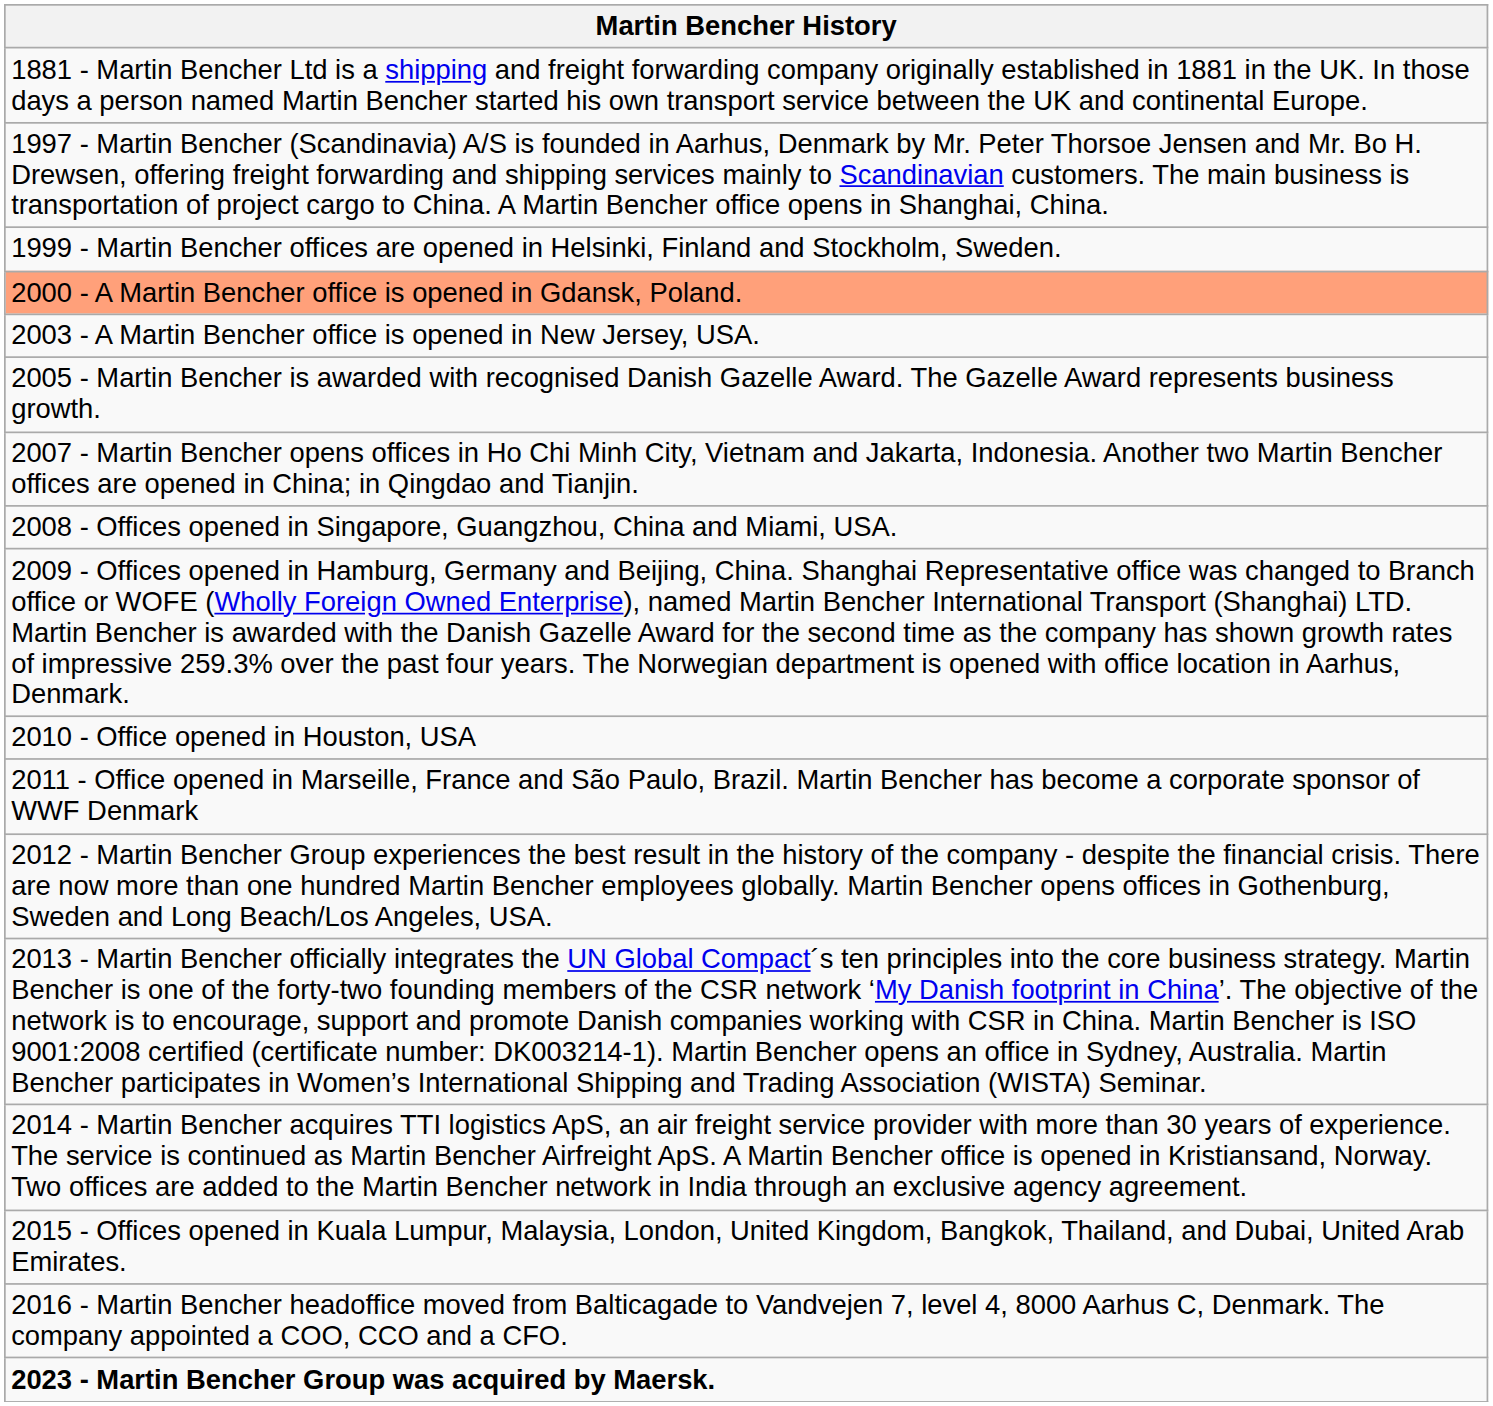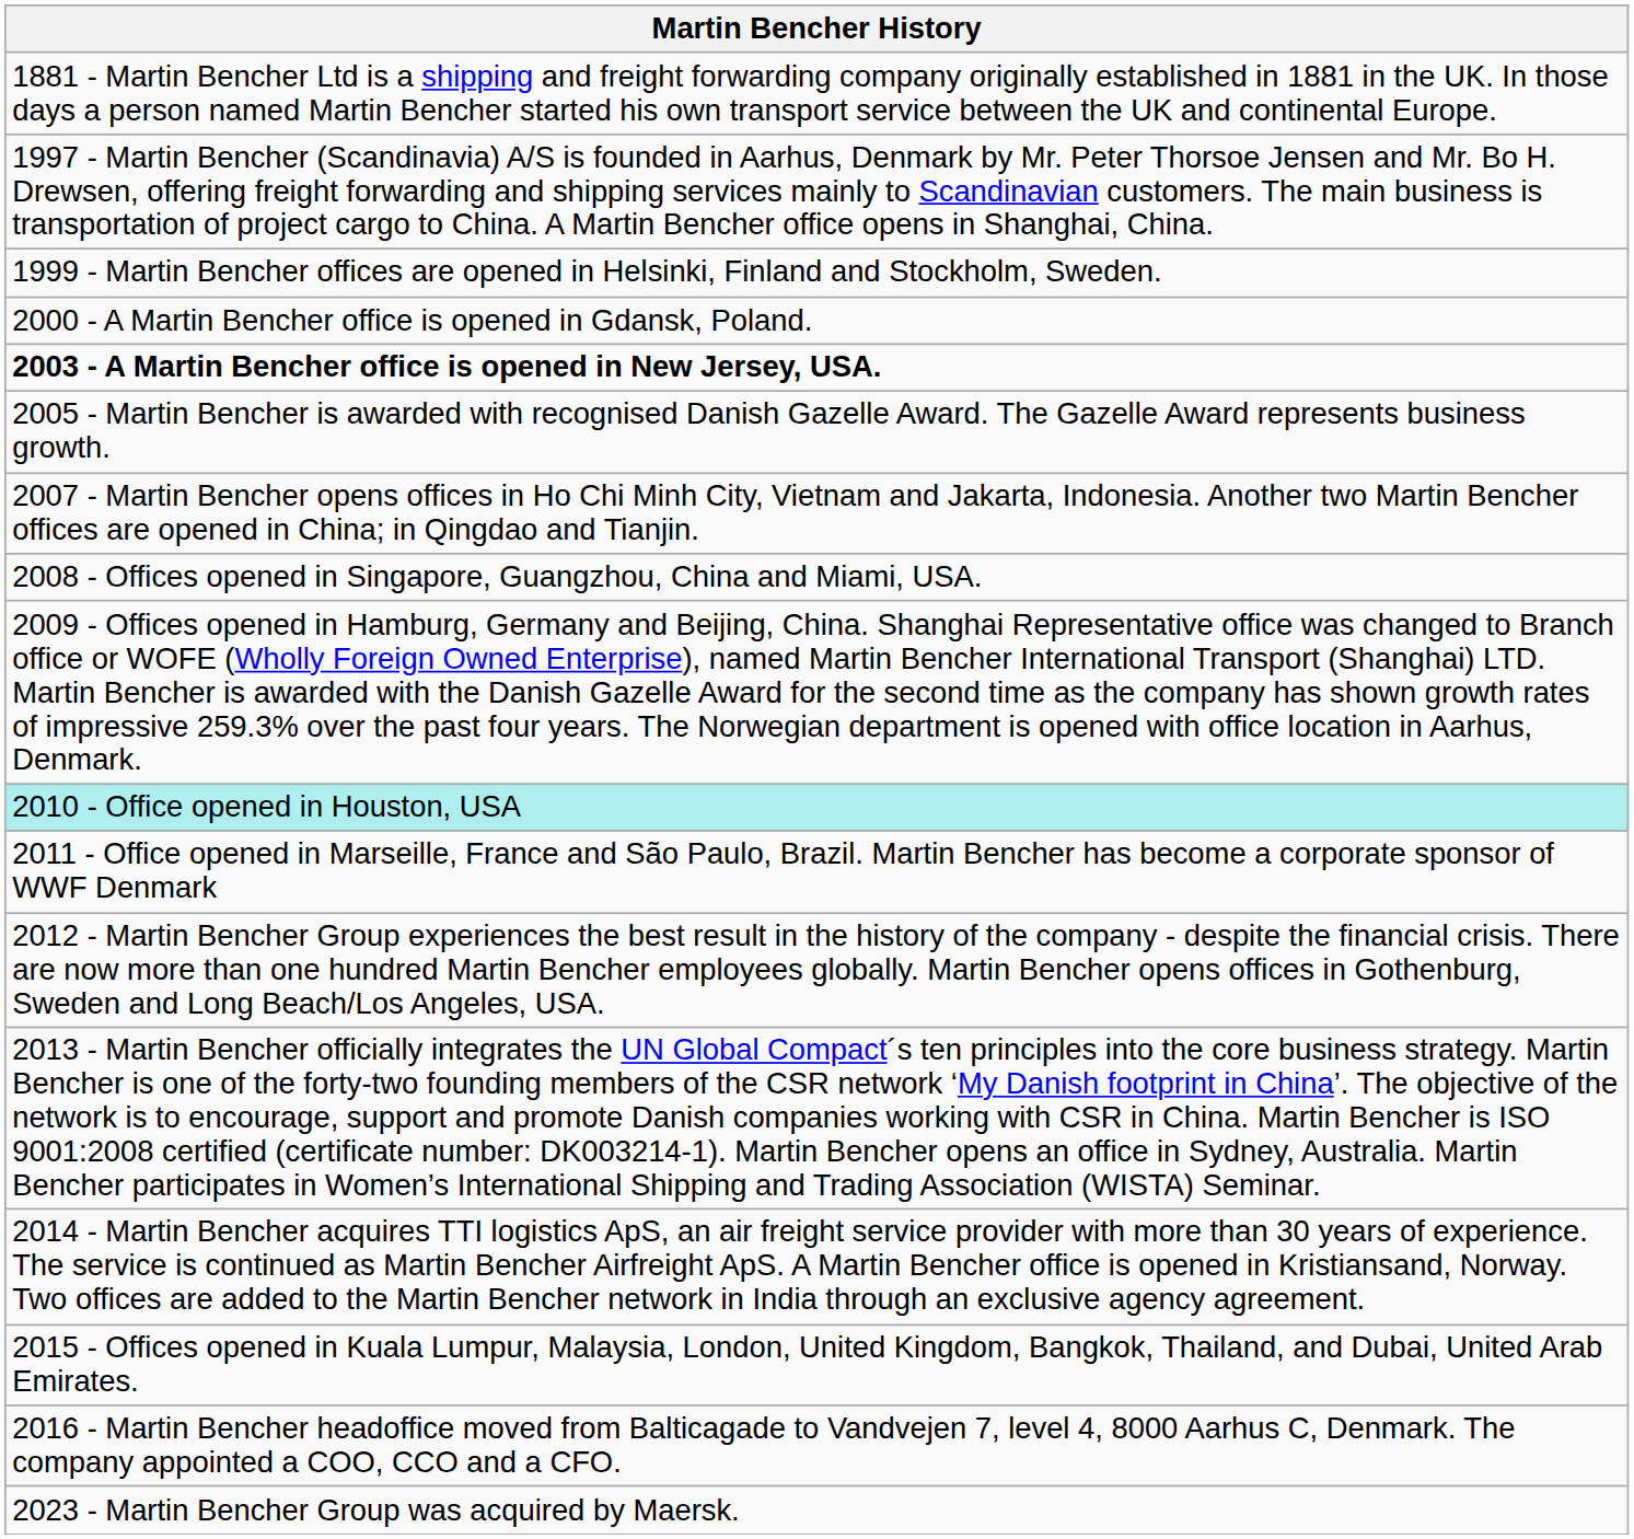 <table class="wikitable">
 <tr>
 <th>Martin Bencher History</th>
 </tr>
 <tr>
 <td>1881 - Martin Bencher Ltd is a <a href='#'>shipping</a> and freight forwarding company originally established in 1881 in the UK. In those days a person named Martin Bencher started his own transport service between the UK and continental Europe.</td>
 </tr>
 <tr>
 <td>1997 - Martin Bencher (Scandinavia) A/S is founded in Aarhus, Denmark by Mr. Peter Thorsoe Jensen and Mr. Bo H. Drewsen, offering freight forwarding and shipping services mainly to <a href='#'>Scandinavian</a> customers. The main business is transportation of project cargo to China. A Martin Bencher office opens in Shanghai, China.</td>
 </tr>
 <tr>
 <td>1999 - Martin Bencher offices are opened in Helsinki, Finland and Stockholm, Sweden.</td>
 </tr>
 <tr>
-<td style="background: lightsalmon;">2000 - A Martin Bencher office is opened in Gdansk, Poland.</td>
+<td>2000 - A Martin Bencher office is opened in Gdansk, Poland.</td>
 </tr>
 <tr>
-<td>2003 - A Martin Bencher office is opened in New Jersey, USA.</td>
+<td><strong>2003 - A Martin Bencher office is opened in New Jersey, USA.</strong></td>
 </tr>
 <tr>
 <td>2005 - Martin Bencher is awarded with recognised Danish Gazelle Award. The Gazelle Award represents business growth.</td>
 </tr>
 <tr>
 <td>2007 - Martin Bencher opens offices in Ho Chi Minh City, Vietnam and Jakarta, Indonesia. Another two Martin Bencher offices are opened in China; in Qingdao and Tianjin.</td>
 </tr>
 <tr>
 <td>2008 - Offices opened in Singapore, Guangzhou, China and Miami, USA.</td>
 </tr>
 <tr>
 <td>2009 - Offices opened in Hamburg, Germany and Beijing, China. Shanghai Representative office was changed to Branch office or WOFE (<a href='#'>Wholly Foreign Owned Enterprise</a>), named Martin Bencher International Transport (Shanghai) LTD. Martin Bencher is awarded with the Danish Gazelle Award for the second time as the company has shown growth rates of impressive 259.3% over the past four years. The Norwegian department is opened with office location in Aarhus, Denmark.</td>
 </tr>
 <tr>
-<td>2010 - Office opened in Houston, USA</td>
+<td style="background: paleturquoise;">2010 - Office opened in Houston, USA</td>
 </tr>
 <tr>
 <td>2011 - Office opened in Marseille, France and São Paulo, Brazil. Martin Bencher has become a corporate sponsor of WWF Denmark</td>
 </tr>
 <tr>
 <td>2012 - Martin Bencher Group experiences the best result in the history of the company - despite the financial crisis. There are now more than one hundred Martin Bencher employees globally. Martin Bencher opens offices in Gothenburg, Sweden and Long Beach/Los Angeles, USA.</td>
 </tr>
 <tr>
 <td>2013 - Martin Bencher officially integrates the <a href='#'>UN Global Compact</a>´s ten principles into the core business strategy. Martin Bencher is one of the forty-two founding members of the CSR network ‘<a href='#'>My Danish footprint in China</a>’. The objective of the network is to encourage, support and promote Danish companies working with CSR in China. Martin Bencher is ISO 9001:2008 certified (certificate number: DK003214-1). Martin Bencher opens an office in Sydney, Australia. Martin Bencher participates in Women’s International Shipping and Trading Association (WISTA) Seminar.</td>
 </tr>
 <tr>
 <td>2014 - Martin Bencher acquires TTI logistics ApS, an air freight service provider with more than 30 years of experience. The service is continued as Martin Bencher Airfreight ApS. A Martin Bencher office is opened in Kristiansand, Norway. Two offices are added to the Martin Bencher network in India through an exclusive agency agreement.</td>
 </tr>
 <tr>
 <td>2015 - Offices opened in Kuala Lumpur, Malaysia, London, United Kingdom, Bangkok, Thailand, and Dubai, United Arab Emirates.</td>
 </tr>
 <tr>
 <td>2016 - Martin Bencher headoffice moved from Balticagade to Vandvejen 7, level 4, 8000 Aarhus C, Denmark. The company appointed a COO, CCO and a CFO.</td>
 </tr>
 <tr>
-<td><strong>2023 - Martin Bencher Group was acquired by Maersk.</strong></td>
+<td>2023 - Martin Bencher Group was acquired by Maersk.</td>
 </tr>
 </table>
